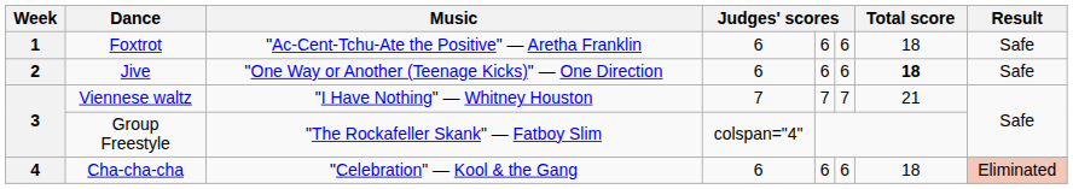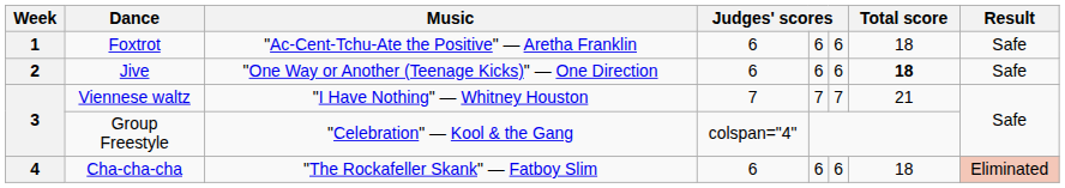 <table class="wikitable unsortable" style="text-align:center; width:80%">
 <tr>
 <th scope="col">Week</th>
 <th scope="col">Dance</th>
 <th scope="col">Music</th>
 <th scope="col" colspan="3">Judges' scores</th>
 <th scope="col">Total score</th>
 <th scope="col">Result</th>
 </tr>
 <tr>
 <th scope="row">1</th>
 <td><a href='#'>Foxtrot</a></td>
 <td>"<a href='#'>Ac-Cent-Tchu-Ate the Positive</a>" — <a href='#'>Aretha Franklin</a></td>
 <td>6</td>
 <td>6</td>
 <td>6</td>
 <td>18</td>
 <td>Safe</td>
 </tr>
 <tr>
 <th scope="row">2</th>
 <td><a href='#'>Jive</a></td>
 <td>"<a href='#'>One Way or Another (Teenage Kicks)</a>" — <a href='#'>One Direction</a></td>
 <td>6</td>
 <td>6</td>
 <td>6</td>
 <td><strong>18</strong></td>
 <td>Safe</td>
 </tr>
 <tr>
 <th scope="row" rowspan="2">3</th>
 <td><a href='#'>Viennese waltz</a></td>
 <td>"<a href='#'>I Have Nothing</a>" — <a href='#'>Whitney Houston</a></td>
 <td>7</td>
 <td>7</td>
 <td>7</td>
 <td>21</td>
 <td rowspan="2">Safe</td>
 </tr>
 <tr>
 <td>Group<br>Freestyle</td>
-<td>"<a href='#'>The Rockafeller Skank</a>" — <a href='#'>Fatboy Slim</a></td>
+<td>"<a href='#'>Celebration</a>" — <a href='#'>Kool & the Gang</a></td>
 <td>colspan="4" </td>
 </tr>
 <tr>
 <th scope="row">4</th>
 <td><a href='#'>Cha-cha-cha</a></td>
-<td>"<a href='#'>Celebration</a>" — <a href='#'>Kool & the Gang</a></td>
+<td>"<a href='#'>The Rockafeller Skank</a>" — <a href='#'>Fatboy Slim</a></td>
 <td>6</td>
 <td>6</td>
 <td>6</td>
 <td>18</td>
 <td bgcolor="f4c7b8">Eliminated</td>
 </tr>
 </table>
